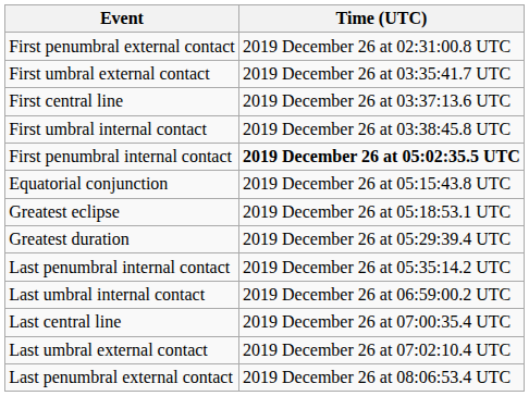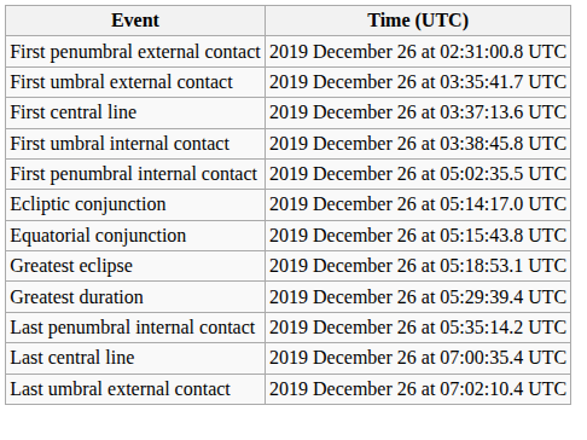 <table class="wikitable">
 <tr>
 <th>Event</th>
 <th>Time (UTC)</th>
 </tr>
 <tr>
 <td>First penumbral external contact</td>
 <td>2019 December 26 at 02:31:00.8 UTC</td>
 </tr>
 <tr>
 <td>First umbral external contact</td>
 <td>2019 December 26 at 03:35:41.7 UTC</td>
 </tr>
 <tr>
 <td>First central line</td>
 <td>2019 December 26 at 03:37:13.6 UTC</td>
 </tr>
 <tr>
 <td>First umbral internal contact</td>
 <td>2019 December 26 at 03:38:45.8 UTC</td>
 </tr>
 <tr>
 <td>First penumbral internal contact</td>
-<td><strong>2019 December 26 at 05:02:35.5 UTC</strong></td>
+<td>2019 December 26 at 05:02:35.5 UTC</td>
+</tr>
+<tr>
+<td>Ecliptic conjunction</td>
+<td>2019 December 26 at 05:14:17.0 UTC</td>
 </tr>
 <tr>
 <td>Equatorial conjunction</td>
 <td>2019 December 26 at 05:15:43.8 UTC</td>
 </tr>
 <tr>
 <td>Greatest eclipse</td>
 <td>2019 December 26 at 05:18:53.1 UTC</td>
 </tr>
 <tr>
 <td>Greatest duration</td>
 <td>2019 December 26 at 05:29:39.4 UTC</td>
 </tr>
 <tr>
 <td>Last penumbral internal contact</td>
 <td>2019 December 26 at 05:35:14.2 UTC</td>
 </tr>
 <tr>
-<td>Last umbral internal contact</td>
-<td>2019 December 26 at 06:59:00.2 UTC</td>
-</tr>
-<tr>
 <td>Last central line</td>
 <td>2019 December 26 at 07:00:35.4 UTC</td>
 </tr>
 <tr>
 <td>Last umbral external contact</td>
 <td>2019 December 26 at 07:02:10.4 UTC</td>
 </tr>
-<tr>
-<td>Last penumbral external contact</td>
-<td>2019 December 26 at 08:06:53.4 UTC</td>
-</tr>
 </table>
